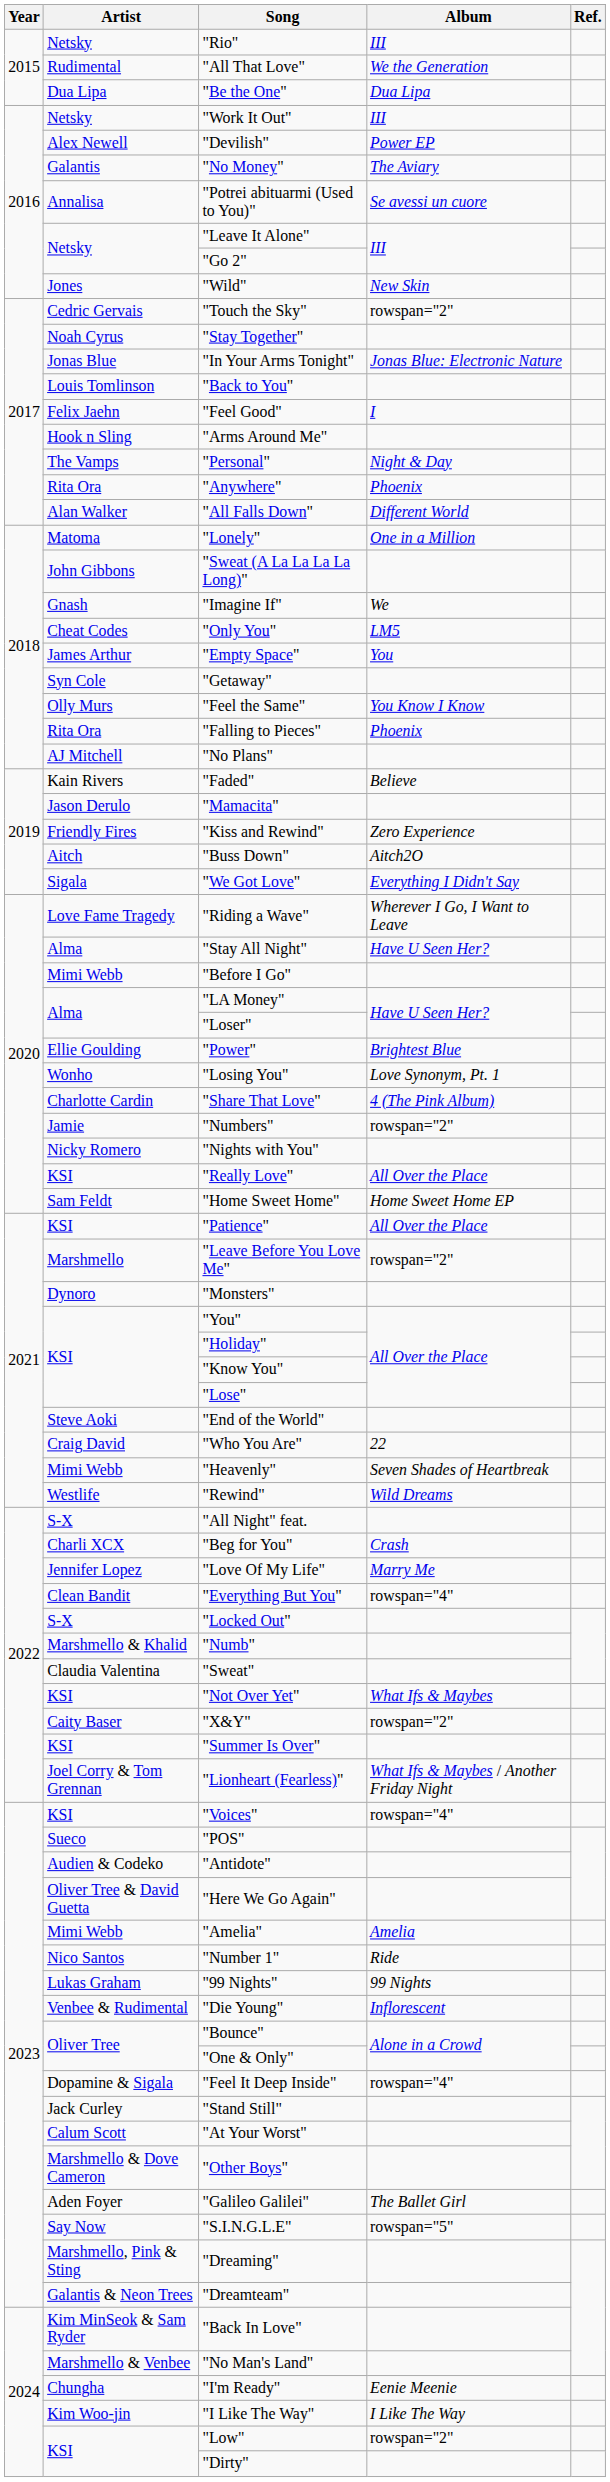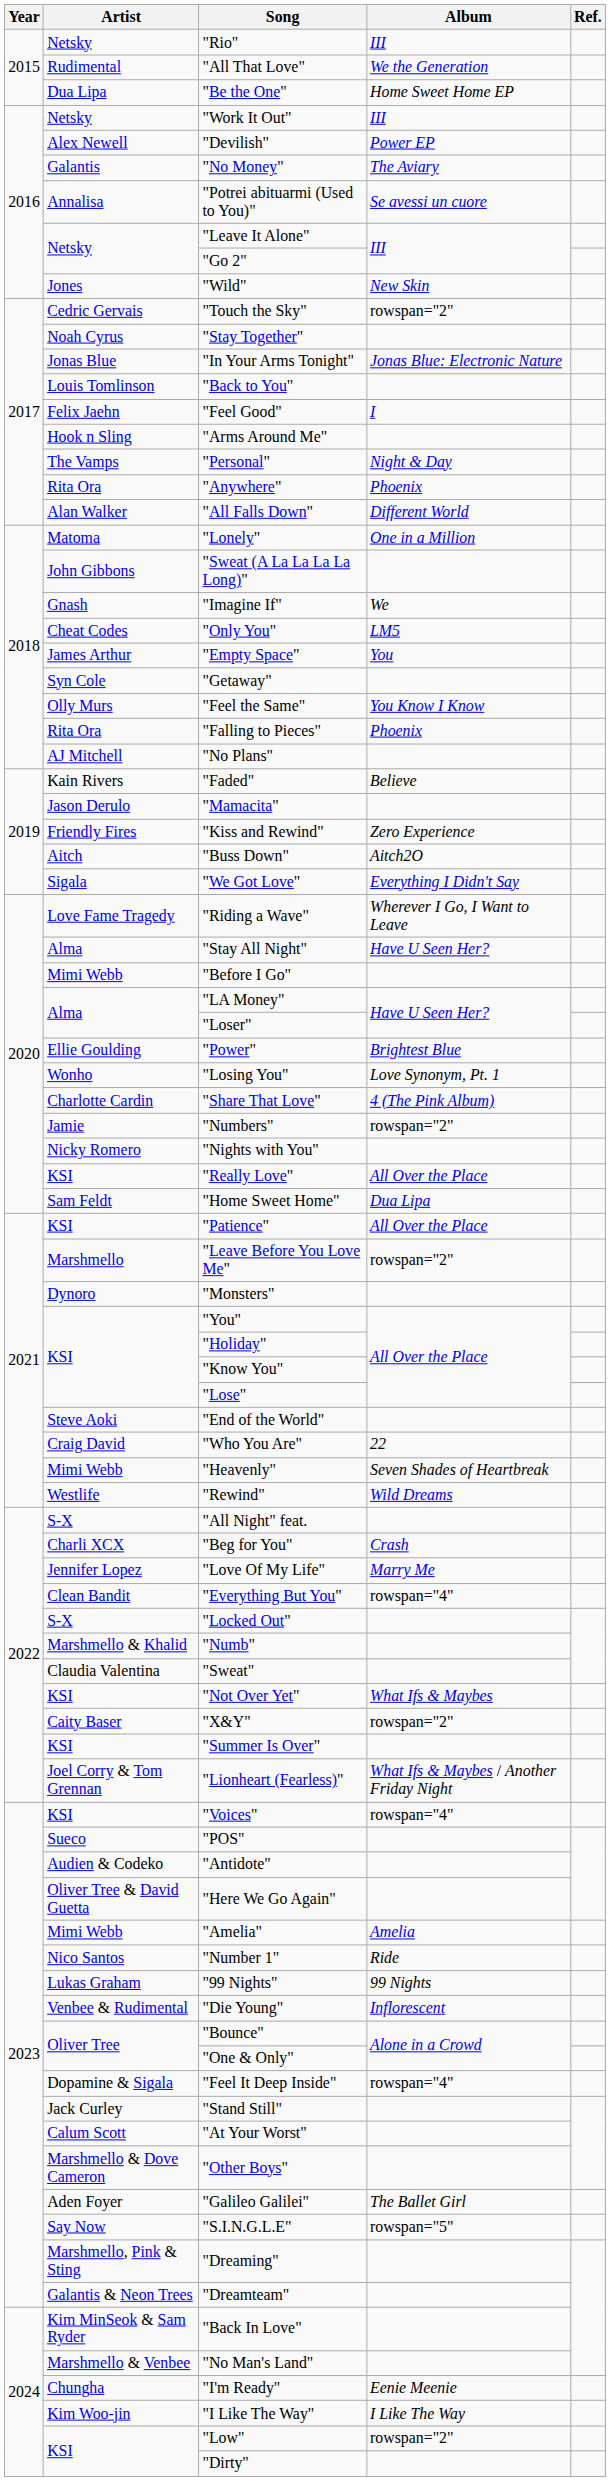 <table class="wikitable">
 <tr>
 <th>Year</th>
 <th>Artist</th>
 <th>Song</th>
 <th>Album</th>
 <th>Ref.</th>
 </tr>
 <tr>
 <td rowspan="3">2015</td>
 <td><a href='#'>Netsky</a></td>
 <td>"Rio" </td>
 <td><em><a href='#'>III</a></em></td>
 <td></td>
 </tr>
 <tr>
 <td><a href='#'>Rudimental</a></td>
 <td>"All That Love" </td>
 <td><em><a href='#'>We the Generation</a></em></td>
 <td></td>
 </tr>
 <tr>
 <td><a href='#'>Dua Lipa</a></td>
 <td>"<a href='#'>Be the One</a>"</td>
-<td><em><a href='#'>Dua Lipa</a></em></td>
+<td><em>Home Sweet Home EP</em></td>
 <td></td>
 </tr>
 <tr>
 <td rowspan="7">2016</td>
 <td><a href='#'>Netsky</a></td>
 <td>"Work It Out" </td>
 <td><em><a href='#'>III</a></em></td>
 <td></td>
 </tr>
 <tr>
 <td><a href='#'>Alex Newell</a></td>
 <td>"Devilish"</td>
 <td><em><a href='#'>Power EP</a></em></td>
 <td></td>
 </tr>
 <tr>
 <td><a href='#'>Galantis</a></td>
 <td>"<a href='#'>No Money</a>"</td>
 <td><em><a href='#'>The Aviary</a></em></td>
 <td></td>
 </tr>
 <tr>
 <td><a href='#'>Annalisa</a></td>
 <td>"Potrei abituarmi (Used to You)"</td>
 <td><em><a href='#'>Se avessi un cuore</a></em></td>
 <td></td>
 </tr>
 <tr>
 <td rowspan="2"><a href='#'>Netsky</a></td>
 <td>"Leave It Alone" </td>
 <td rowspan="2"><em><a href='#'>III</a></em></td>
 <td></td>
 </tr>
 <tr>
 <td>"Go 2"</td>
 <td></td>
 </tr>
 <tr>
 <td><a href='#'>Jones</a></td>
 <td>"Wild"</td>
 <td><em><a href='#'>New Skin</a></em></td>
 <td></td>
 </tr>
 <tr>
 <td rowspan="9">2017</td>
 <td><a href='#'>Cedric Gervais</a></td>
 <td>"Touch the Sky" </td>
 <td>rowspan="2" </td>
 <td></td>
 </tr>
 <tr>
 <td><a href='#'>Noah Cyrus</a></td>
 <td>"<a href='#'>Stay Together</a>"</td>
 <td></td>
 </tr>
 <tr>
 <td><a href='#'>Jonas Blue</a></td>
 <td>"In Your Arms Tonight" </td>
 <td><em><a href='#'>Jonas Blue: Electronic Nature</a></em></td>
 <td></td>
 </tr>
 <tr>
 <td><a href='#'>Louis Tomlinson</a></td>
 <td>"<a href='#'>Back to You</a>" </td>
 <td></td>
 <td></td>
 </tr>
 <tr>
 <td><a href='#'>Felix Jaehn</a></td>
 <td>"Feel Good" </td>
 <td><em><a href='#'>I</a></em></td>
 <td></td>
 </tr>
 <tr>
 <td><a href='#'>Hook n Sling</a></td>
 <td>"Arms Around Me" </td>
 <td></td>
 <td></td>
 </tr>
 <tr>
 <td><a href='#'>The Vamps</a></td>
 <td>"<a href='#'>Personal</a>" </td>
 <td><em><a href='#'>Night & Day</a></em></td>
 <td></td>
 </tr>
 <tr>
 <td><a href='#'>Rita Ora</a></td>
 <td>"<a href='#'>Anywhere</a>"</td>
 <td><em><a href='#'>Phoenix</a></em></td>
 <td></td>
 </tr>
 <tr>
 <td><a href='#'>Alan Walker</a></td>
 <td>"<a href='#'>All Falls Down</a>" </td>
 <td><em><a href='#'>Different World</a></em></td>
 <td></td>
 </tr>
 <tr>
 <td rowspan="9">2018</td>
 <td><a href='#'>Matoma</a></td>
 <td>"<a href='#'>Lonely</a>" </td>
 <td><em><a href='#'>One in a Million</a></em></td>
 <td></td>
 </tr>
 <tr>
 <td><a href='#'>John Gibbons</a></td>
 <td>"<a href='#'>Sweat (A La La La La Long)</a>"</td>
 <td></td>
 <td></td>
 </tr>
 <tr>
 <td><a href='#'>Gnash</a></td>
 <td>"Imagine If"</td>
 <td><em>We</em></td>
 <td></td>
 </tr>
 <tr>
 <td><a href='#'>Cheat Codes</a></td>
 <td>"<a href='#'>Only You</a>" </td>
 <td><em><a href='#'>LM5</a></em></td>
 <td></td>
 </tr>
 <tr>
 <td><a href='#'>James Arthur</a></td>
 <td>"<a href='#'>Empty Space</a>"</td>
 <td><em><a href='#'>You</a></em></td>
 <td></td>
 </tr>
 <tr>
 <td><a href='#'>Syn Cole</a></td>
 <td>"Getaway"</td>
 <td></td>
 <td></td>
 </tr>
 <tr>
 <td><a href='#'>Olly Murs</a></td>
 <td>"Feel the Same"</td>
 <td><em><a href='#'>You Know I Know</a></em></td>
 <td></td>
 </tr>
 <tr>
 <td><a href='#'>Rita Ora</a></td>
 <td>"Falling to Pieces"</td>
 <td><em><a href='#'>Phoenix</a></em></td>
 <td></td>
 </tr>
 <tr>
 <td><a href='#'>AJ Mitchell</a></td>
 <td>"No Plans" </td>
 <td></td>
 <td></td>
 </tr>
 <tr>
 <td rowspan="5">2019</td>
 <td>Kain Rivers</td>
 <td>"Faded"</td>
 <td><em>Believe</em></td>
 <td></td>
 </tr>
 <tr>
 <td><a href='#'>Jason Derulo</a></td>
 <td>"<a href='#'>Mamacita</a>" </td>
 <td></td>
 <td></td>
 </tr>
 <tr>
 <td><a href='#'>Friendly Fires</a></td>
 <td>"Kiss and Rewind"</td>
 <td><em>Zero Experience</em></td>
 <td></td>
 </tr>
 <tr>
 <td><a href='#'>Aitch</a></td>
 <td>"Buss Down" </td>
 <td><em>Aitch2O</em></td>
 <td></td>
 </tr>
 <tr>
 <td><a href='#'>Sigala</a></td>
 <td>"<a href='#'>We Got Love</a>" </td>
 <td><em><a href='#'>Everything I Didn't Say</a></em></td>
 <td></td>
 </tr>
 <tr>
 <td rowspan="12">2020</td>
 <td><a href='#'>Love Fame Tragedy</a></td>
 <td>"Riding a Wave"</td>
 <td><em>Wherever I Go, I Want to Leave</em></td>
 <td></td>
 </tr>
 <tr>
 <td><a href='#'>Alma</a></td>
 <td>"Stay All Night"</td>
 <td><em><a href='#'>Have U Seen Her?</a></em></td>
 <td></td>
 </tr>
 <tr>
 <td><a href='#'>Mimi Webb</a></td>
 <td>"Before I Go"</td>
 <td></td>
 <td></td>
 </tr>
 <tr>
 <td rowspan="2"><a href='#'>Alma</a></td>
 <td>"LA Money"</td>
 <td rowspan="2"><em><a href='#'>Have U Seen Her?</a></em></td>
 <td></td>
 </tr>
 <tr>
 <td>"Loser"</td>
 <td></td>
 </tr>
 <tr>
 <td><a href='#'>Ellie Goulding</a></td>
 <td>"<a href='#'>Power</a>"</td>
 <td><em><a href='#'>Brightest Blue</a></em></td>
 <td></td>
 </tr>
 <tr>
 <td><a href='#'>Wonho</a></td>
 <td>"Losing You"</td>
 <td><em>Love Synonym, Pt. 1</em></td>
 <td></td>
 </tr>
 <tr>
 <td><a href='#'>Charlotte Cardin</a></td>
 <td>"<a href='#'>Share That Love</a>" </td>
 <td><em><a href='#'>4 (The Pink Album)</a></em></td>
 <td></td>
 </tr>
 <tr>
 <td><a href='#'>Jamie</a></td>
 <td>"Numbers" </td>
 <td>rowspan="2" </td>
 <td></td>
 </tr>
 <tr>
 <td><a href='#'>Nicky Romero</a></td>
 <td>"Nights with You"</td>
 <td></td>
 </tr>
 <tr>
 <td><a href='#'>KSI</a></td>
 <td>"<a href='#'>Really Love</a>" </td>
 <td><em><a href='#'>All Over the Place</a></em></td>
 <td></td>
 </tr>
 <tr>
 <td><a href='#'>Sam Feldt</a></td>
 <td>"Home Sweet Home" </td>
-<td><em>Home Sweet Home EP</em></td>
+<td><em><a href='#'>Dua Lipa</a></em></td>
 <td></td>
 </tr>
 <tr>
 <td rowspan="11">2021</td>
 <td><a href='#'>KSI</a></td>
 <td>"<a href='#'>Patience</a>" </td>
 <td><em><a href='#'>All Over the Place</a></em></td>
 <td></td>
 </tr>
 <tr>
 <td><a href='#'>Marshmello</a></td>
 <td>"<a href='#'>Leave Before You Love Me</a>" </td>
 <td>rowspan="2" </td>
 <td></td>
 </tr>
 <tr>
 <td><a href='#'>Dynoro</a></td>
 <td>"Monsters" </td>
 <td></td>
 </tr>
 <tr>
 <td rowspan="4"><a href='#'>KSI</a></td>
 <td>"You"</td>
 <td rowspan="4"><em><a href='#'>All Over the Place</a></em></td>
 <td></td>
 </tr>
 <tr>
 <td>"<a href='#'>Holiday</a>"</td>
 <td></td>
 </tr>
 <tr>
 <td>"Know You" </td>
 <td></td>
 </tr>
 <tr>
 <td>"<a href='#'>Lose</a>" </td>
 <td></td>
 </tr>
 <tr>
 <td><a href='#'>Steve Aoki</a></td>
 <td>"End of the World" </td>
 <td></td>
 <td></td>
 </tr>
 <tr>
 <td><a href='#'>Craig David</a></td>
 <td>"Who You Are" </td>
 <td><em>22</em></td>
 <td></td>
 </tr>
 <tr>
 <td><a href='#'>Mimi Webb</a></td>
 <td>"Heavenly"</td>
 <td><em>Seven Shades of Heartbreak</em></td>
 <td></td>
 </tr>
 <tr>
 <td><a href='#'>Westlife</a></td>
 <td>"Rewind"</td>
 <td><em><a href='#'>Wild Dreams</a></em></td>
 <td></td>
 </tr>
 <tr>
 <td rowspan="11">2022</td>
 <td><a href='#'>S-X</a></td>
 <td>"All Night" feat. </td>
 <td></td>
 <td></td>
 </tr>
 <tr>
 <td><a href='#'>Charli XCX</a></td>
 <td>"Beg for You" </td>
 <td><em><a href='#'>Crash</a></em></td>
 <td></td>
 </tr>
 <tr>
 <td><a href='#'>Jennifer Lopez</a></td>
 <td>"Love Of My Life"</td>
 <td><em><a href='#'>Marry Me</a></em></td>
 <td></td>
 </tr>
 <tr>
 <td><a href='#'>Clean Bandit</a></td>
 <td>"<a href='#'>Everything But You</a>" </td>
 <td>rowspan="4" </td>
 <td></td>
 </tr>
 <tr>
 <td><a href='#'>S-X</a></td>
 <td>"<a href='#'>Locked Out</a>"  </td>
 <td></td>
 </tr>
 <tr>
 <td><a href='#'>Marshmello</a> & <a href='#'>Khalid</a></td>
 <td>"<a href='#'>Numb</a>"</td>
 <td></td>
 </tr>
 <tr>
 <td>Claudia Valentina</td>
 <td>"Sweat"</td>
 <td></td>
 </tr>
 <tr>
 <td><a href='#'>KSI</a></td>
 <td>"<a href='#'>Not Over Yet</a>" </td>
 <td><em><a href='#'>What Ifs & Maybes</a></em></td>
 <td></td>
 </tr>
 <tr>
 <td><a href='#'>Caity Baser</a></td>
 <td>"X&Y"</td>
 <td>rowspan="2" </td>
 <td></td>
 </tr>
 <tr>
 <td><a href='#'>KSI</a></td>
 <td>"<a href='#'>Summer Is Over</a>"</td>
 <td></td>
 </tr>
 <tr>
 <td><a href='#'>Joel Corry</a> & <a href='#'>Tom Grennan</a></td>
 <td>"<a href='#'>Lionheart (Fearless)</a>"</td>
 <td><em><a href='#'>What Ifs & Maybes</a></em> / <em>Another Friday Night</em></td>
 <td></td>
 </tr>
 <tr>
 <td rowspan="18">2023</td>
 <td><a href='#'>KSI</a></td>
 <td>"<a href='#'>Voices</a>" </td>
 <td>rowspan="4" </td>
 <td></td>
 </tr>
 <tr>
 <td><a href='#'>Sueco</a></td>
 <td>"POS"</td>
 <td></td>
 </tr>
 <tr>
 <td><a href='#'>Audien</a> & Codeko</td>
 <td>"Antidote"</td>
 <td></td>
 </tr>
 <tr>
 <td><a href='#'>Oliver Tree</a> & <a href='#'>David Guetta</a></td>
 <td>"Here We Go Again"</td>
 <td></td>
 </tr>
 <tr>
 <td><a href='#'>Mimi Webb</a></td>
 <td>"Amelia"</td>
 <td><em><a href='#'>Amelia</a></em></td>
 <td></td>
 </tr>
 <tr>
 <td><a href='#'>Nico Santos</a></td>
 <td>"Number 1"</td>
 <td><em>Ride</em></td>
 <td></td>
 </tr>
 <tr>
 <td><a href='#'>Lukas Graham</a></td>
 <td>"99 Nights"</td>
 <td><em>99 Nights</em></td>
 <td></td>
 </tr>
 <tr>
 <td><a href='#'>Venbee</a> & <a href='#'>Rudimental</a></td>
 <td>"Die Young"</td>
 <td><em><a href='#'>Inflorescent</a></em></td>
 <td></td>
 </tr>
 <tr>
 <td rowspan="2"><a href='#'>Oliver Tree</a></td>
 <td>"Bounce"</td>
 <td rowspan="2"><em><a href='#'>Alone in a Crowd</a></em></td>
 <td></td>
 </tr>
 <tr>
 <td>"One & Only"</td>
 <td></td>
 </tr>
 <tr>
 <td>Dopamine & <a href='#'>Sigala</a></td>
 <td>"Feel It Deep Inside"</td>
 <td>rowspan="4" </td>
 <td></td>
 </tr>
 <tr>
 <td>Jack Curley</td>
 <td>"Stand Still"</td>
 <td></td>
 </tr>
 <tr>
 <td><a href='#'>Calum Scott</a></td>
 <td>"At Your Worst"</td>
 <td></td>
 </tr>
 <tr>
 <td><a href='#'>Marshmello</a> & <a href='#'>Dove Cameron</a></td>
 <td>"<a href='#'>Other Boys</a>"</td>
 <td></td>
 </tr>
 <tr>
 <td>Aden Foyer</td>
 <td>"Galileo Galilei"</td>
 <td><em>The Ballet Girl</em></td>
 <td></td>
 </tr>
 <tr>
 <td><a href='#'>Say Now</a></td>
 <td>"S.I.N.G.L.E"</td>
 <td>rowspan="5" </td>
 <td></td>
 </tr>
 <tr>
 <td><a href='#'>Marshmello</a>, <a href='#'>Pink</a> & <a href='#'>Sting</a></td>
 <td>"Dreaming"</td>
 <td></td>
 </tr>
 <tr>
 <td><a href='#'>Galantis</a> & <a href='#'>Neon Trees</a></td>
 <td>"Dreamteam"</td>
 <td></td>
 </tr>
 <tr>
 <td rowspan="6">2024</td>
 <td><a href='#'>Kim MinSeok</a> & <a href='#'>Sam Ryder</a></td>
 <td>"Back In Love"</td>
 <td></td>
 </tr>
 <tr>
 <td><a href='#'>Marshmello</a> & <a href='#'>Venbee</a></td>
 <td>"No Man's Land"</td>
 <td></td>
 </tr>
 <tr>
 <td><a href='#'>Chungha</a></td>
 <td>"I'm Ready"</td>
 <td><em>Eenie Meenie</em></td>
 <td></td>
 </tr>
 <tr>
 <td><a href='#'>Kim Woo-jin</a></td>
 <td>"I Like The Way"</td>
 <td><em>I Like The Way</em></td>
 <td></td>
 </tr>
 <tr>
 <td rowspan="2"><a href='#'>KSI</a></td>
 <td>"Low"</td>
 <td>rowspan="2"  </td>
 <td></td>
 </tr>
 <tr>
 <td>"Dirty"</td>
 <td></td>
 </tr>
 </table>
